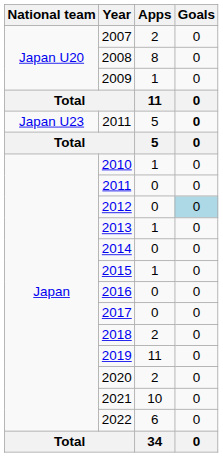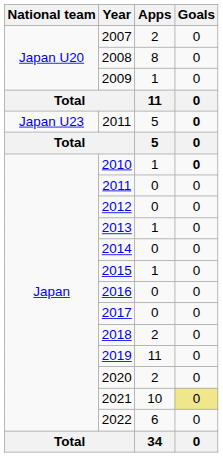 <table class="wikitable" style="text-align:center">
 <tr>
 <th>National team</th>
 <th>Year</th>
 <th>Apps</th>
 <th>Goals</th>
 </tr>
 <tr>
 <td rowspan="3"><a href='#'>Japan U20</a></td>
 <td>2007</td>
 <td>2</td>
 <td>0</td>
 </tr>
 <tr>
 <td>2008</td>
 <td>8</td>
 <td>0</td>
 </tr>
 <tr>
 <td>2009</td>
 <td>1</td>
 <td>0</td>
 </tr>
 <tr>
 <th colspan="2">Total</th>
 <th>11</th>
 <th>0</th>
 </tr>
 <tr>
 <td><a href='#'>Japan U23</a></td>
 <td>2011</td>
 <td>5</td>
 <td><strong>0</strong></td>
 </tr>
 <tr>
 <th colspan="2">Total</th>
 <th>5</th>
 <th>0</th>
 </tr>
 <tr>
 <td rowspan="13"><a href='#'>Japan</a></td>
 <td><a href='#'>2010</a></td>
 <td>1</td>
-<td>0</td>
+<td><strong>0</strong></td>
 </tr>
 <tr>
 <td><a href='#'>2011</a></td>
 <td>0</td>
 <td>0</td>
 </tr>
 <tr>
 <td><a href='#'>2012</a></td>
 <td>0</td>
-<td style="background: lightblue;">0</td>
+<td>0</td>
 </tr>
 <tr>
 <td><a href='#'>2013</a></td>
 <td>1</td>
 <td>0</td>
 </tr>
 <tr>
 <td><a href='#'>2014</a></td>
 <td>0</td>
 <td>0</td>
 </tr>
 <tr>
 <td><a href='#'>2015</a></td>
 <td>1</td>
 <td>0</td>
 </tr>
 <tr>
 <td><a href='#'>2016</a></td>
 <td>0</td>
 <td>0</td>
 </tr>
 <tr>
 <td><a href='#'>2017</a></td>
 <td>0</td>
 <td>0</td>
 </tr>
 <tr>
 <td><a href='#'>2018</a></td>
 <td>2</td>
 <td>0</td>
 </tr>
 <tr>
 <td><a href='#'>2019</a></td>
 <td>11</td>
 <td>0</td>
 </tr>
 <tr>
 <td>2020</td>
 <td>2</td>
 <td>0</td>
 </tr>
 <tr>
 <td>2021</td>
 <td>10</td>
-<td>0</td>
+<td style="background: khaki;">0</td>
 </tr>
 <tr>
 <td>2022</td>
 <td>6</td>
 <td>0</td>
 </tr>
 <tr>
 <th colspan="2">Total</th>
 <th>34</th>
 <th>0</th>
 </tr>
 </table>
